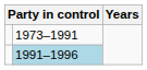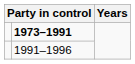 <table class="wikitable">
 <tr>
 <th colspan="2">Party in control</th>
 <th>Years</th>
 </tr>
 <tr>
 <td></td>
-<td>1973–1991</td>
+<td><strong>1973–1991</strong></td>
 </tr>
 <tr>
 <td></td>
-<td style="background: lightblue;">1991–1996</td>
+<td>1991–1996</td>
 </tr>
 </table>
